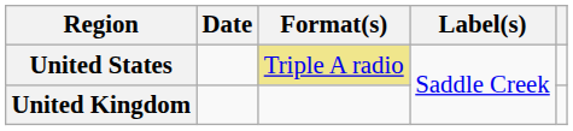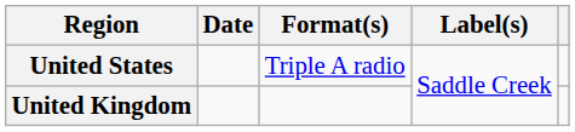 <table class="wikitable plainrowheaders">
 <tr>
 <th scope="col">Region</th>
 <th scope="col">Date</th>
 <th scope="col">Format(s)</th>
 <th scope="col">Label(s)</th>
 <th scope="col"></th>
 </tr>
 <tr>
 <th scope="row">United States</th>
 <td></td>
-<td style="background: khaki;"><a href='#'>Triple A radio</a></td>
+<td><a href='#'>Triple A radio</a></td>
 <td rowspan="2"><a href='#'>Saddle Creek</a></td>
 <td></td>
 </tr>
 <tr>
 <th scope="row">United Kingdom</th>
 <td></td>
 <td></td>
 <td></td>
 </tr>
 </table>
